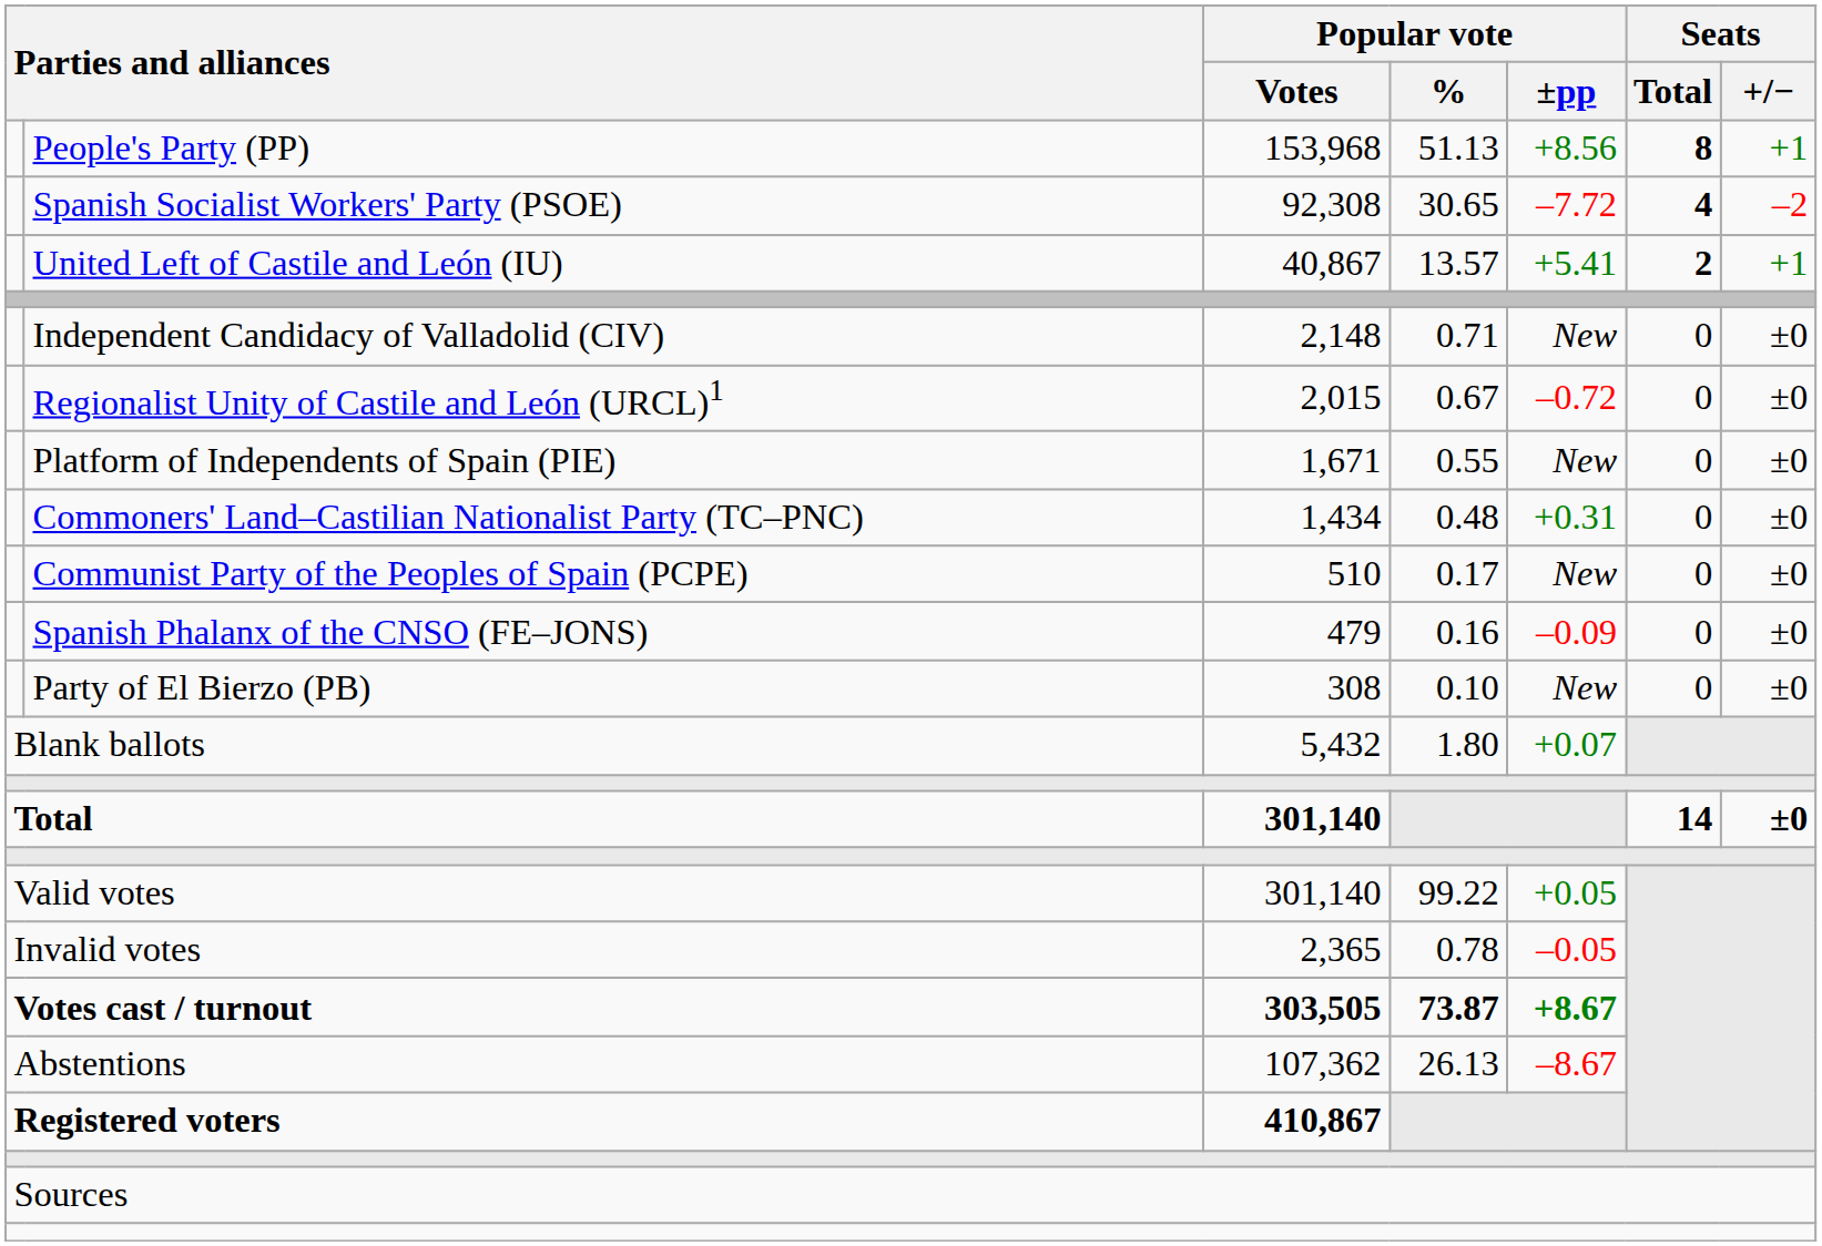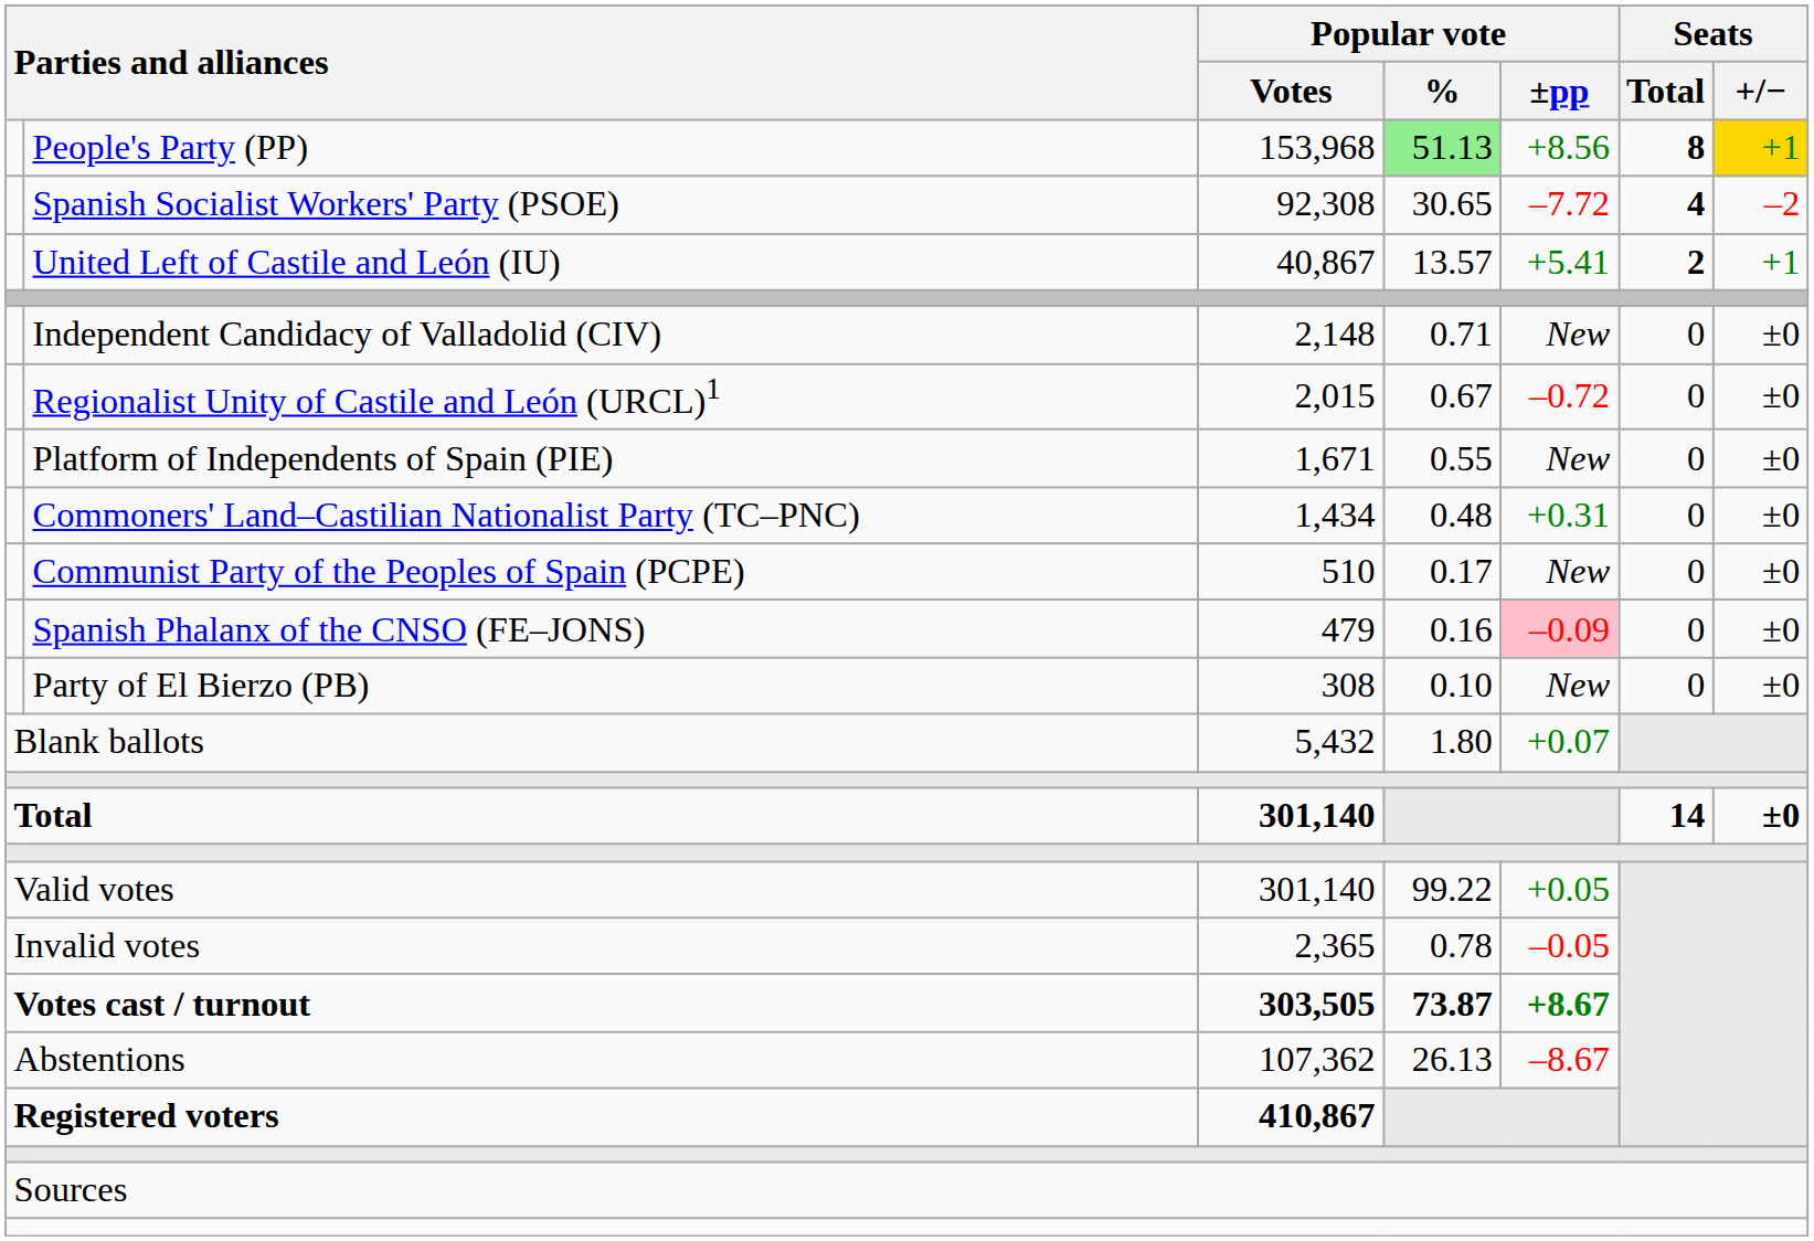 <table class="wikitable" style="text-align:right;">
 <tr>
 <th style="text-align:left;" rowspan="2" colspan="2" width="525">Parties and alliances</th>
 <th colspan="3">Popular vote</th>
 <th colspan="2">Seats</th>
 </tr>
 <tr>
 <th width="75">Votes</th>
 <th width="45">%</th>
 <th width="45">±<a href='#'>pp</a></th>
 <th width="35">Total</th>
 <th width="35">+/−</th>
 </tr>
 <tr>
 <td width="1" style="color:inherit;background:"></td>
 <td align="left"><a href='#'>People's Party</a> (PP)</td>
 <td>153,968</td>
-<td>51.13</td>
+<td style="background: lightgreen;">51.13</td>
 <td style="color:green;">+8.56</td>
 <td><strong>8</strong></td>
-<td style="color:green;">+1</td>
+<td style="background: gold; color:green;">+1</td>
 </tr>
 <tr>
 <td style="color:inherit;background:"></td>
 <td align="left"><a href='#'>Spanish Socialist Workers' Party</a> (PSOE)</td>
 <td>92,308</td>
 <td>30.65</td>
 <td style="color:red;">–7.72</td>
 <td><strong>4</strong></td>
 <td style="color:red;">–2</td>
 </tr>
 <tr>
 <td style="color:inherit;background:"></td>
 <td align="left"><a href='#'>United Left of Castile and León</a> (IU)</td>
 <td>40,867</td>
 <td>13.57</td>
 <td style="color:green;">+5.41</td>
 <td><strong>2</strong></td>
 <td style="color:green;">+1</td>
 </tr>
 <tr>
 <td colspan="7" bgcolor="#C0C0C0"></td>
 </tr>
 <tr>
 <td style="color:inherit;background:"></td>
 <td align="left">Independent Candidacy of Valladolid (CIV)</td>
 <td>2,148</td>
 <td>0.71</td>
 <td><em>New</em></td>
 <td>0</td>
 <td>±0</td>
 </tr>
 <tr>
 <td style="color:inherit;background:"></td>
 <td align="left"><a href='#'>Regionalist Unity of Castile and León</a> (URCL)<sup>1</sup></td>
 <td>2,015</td>
 <td>0.67</td>
 <td style="color:red;">–0.72</td>
 <td>0</td>
 <td>±0</td>
 </tr>
 <tr>
 <td style="color:inherit;background:"></td>
 <td align="left">Platform of Independents of Spain (PIE)</td>
 <td>1,671</td>
 <td>0.55</td>
 <td><em>New</em></td>
 <td>0</td>
 <td>±0</td>
 </tr>
 <tr>
 <td style="color:inherit;background:"></td>
 <td align="left"><a href='#'>Commoners' Land–Castilian Nationalist Party</a> (TC–PNC)</td>
 <td>1,434</td>
 <td>0.48</td>
 <td style="color:green;">+0.31</td>
 <td>0</td>
 <td>±0</td>
 </tr>
 <tr>
 <td style="color:inherit;background:"></td>
 <td align="left"><a href='#'>Communist Party of the Peoples of Spain</a> (PCPE)</td>
 <td>510</td>
 <td>0.17</td>
 <td><em>New</em></td>
 <td>0</td>
 <td>±0</td>
 </tr>
 <tr>
 <td style="color:inherit;background:"></td>
 <td align="left"><a href='#'>Spanish Phalanx of the CNSO</a> (FE–JONS)</td>
 <td>479</td>
 <td>0.16</td>
-<td style="color:red;">–0.09</td>
+<td style="background: pink; color:red;">–0.09</td>
 <td>0</td>
 <td>±0</td>
 </tr>
 <tr>
 <td style="color:inherit;background:"></td>
 <td align="left">Party of El Bierzo (PB)</td>
 <td>308</td>
 <td>0.10</td>
 <td><em>New</em></td>
 <td>0</td>
 <td>±0</td>
 </tr>
 <tr>
 <td align="left" colspan="2">Blank ballots</td>
 <td>5,432</td>
 <td>1.80</td>
 <td style="color:green;">+0.07</td>
 <td bgcolor="#E9E9E9" colspan="2"></td>
 </tr>
 <tr>
 <td colspan="7" bgcolor="#E9E9E9"></td>
 </tr>
 <tr style="font-weight:bold;">
 <td align="left" colspan="2">Total</td>
 <td>301,140</td>
 <td bgcolor="#E9E9E9" colspan="2"></td>
 <td>14</td>
 <td>±0</td>
 </tr>
 <tr>
 <td colspan="7" bgcolor="#E9E9E9"></td>
 </tr>
 <tr>
 <td align="left" colspan="2">Valid votes</td>
 <td>301,140</td>
 <td>99.22</td>
 <td style="color:green;">+0.05</td>
 <td bgcolor="#E9E9E9" colspan="2" rowspan="5"></td>
 </tr>
 <tr>
 <td align="left" colspan="2">Invalid votes</td>
 <td>2,365</td>
 <td>0.78</td>
 <td style="color:red;">–0.05</td>
 </tr>
 <tr style="font-weight:bold;">
 <td align="left" colspan="2">Votes cast / turnout</td>
 <td>303,505</td>
 <td>73.87</td>
 <td style="color:green;">+8.67</td>
 </tr>
 <tr>
 <td align="left" colspan="2">Abstentions</td>
 <td>107,362</td>
 <td>26.13</td>
 <td style="color:red;">–8.67</td>
 </tr>
 <tr style="font-weight:bold;">
 <td align="left" colspan="2">Registered voters</td>
 <td>410,867</td>
 <td bgcolor="#E9E9E9" colspan="2"></td>
 </tr>
 <tr>
 <td colspan="7" bgcolor="#E9E9E9"></td>
 </tr>
 <tr>
 <td align="left" colspan="7">Sources</td>
 </tr>
 <tr>
 <td colspan="7" style="text-align:left; max-width:790px;"></td>
 </tr>
 </table>
